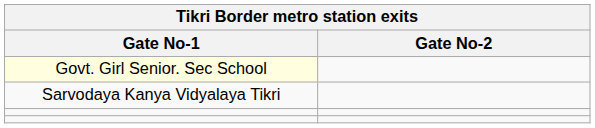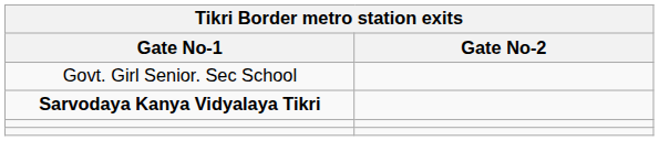 <table class="wikitable" style="text-align: center;" width="65%">
 <tr>
 <th align="center" colspan="5" style="background:#"><span>Tikri Border metro station exits</span></th>
 </tr>
 <tr>
 <th style="width:5%;">Gate No-1</th>
 <th style="width:5%;">Gate No-2</th>
 </tr>
 <tr>
-<td style="background: lightyellow;">Govt. Girl Senior. Sec School</td>
+<td>Govt. Girl Senior. Sec School</td>
 <td></td>
 </tr>
 <tr>
-<td>Sarvodaya Kanya Vidyalaya Tikri</td>
+<td><strong>Sarvodaya Kanya Vidyalaya Tikri</strong></td>
 <td></td>
 </tr>
 <tr>
 <td></td>
 <td></td>
 </tr>
 <tr>
 <td></td>
 <td></td>
 </tr>
 </table>
